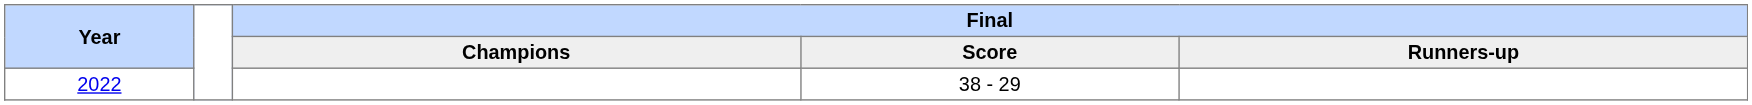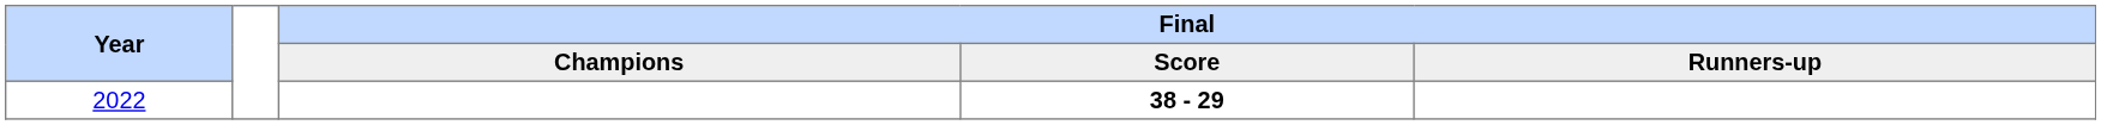 <table border=1 style="border-collapse:collapse; font-size:90%;" cellpadding=3 cellspacing=0 width=100%>
 <tr bgcolor=#C1D8FF>
 <th rowspan=2 width=5%>Year</th>
 <th width=1% rowspan=8 bgcolor=ffffff></th>
 <th colspan=3>Final</th>
 </tr>
 <tr bgcolor=#EFEFEF>
 <th width=15%>Champions</th>
 <th width=10%>Score</th>
 <th width=15%>Runners-up</th>
 </tr>
 <tr align=center>
 <td><a href='#'>2022</a></td>
 <td><strong></strong></td>
-<td>38 - 29</td>
+<td><strong>38 - 29</strong></td>
 <td></td>
 </tr>
 </table>
